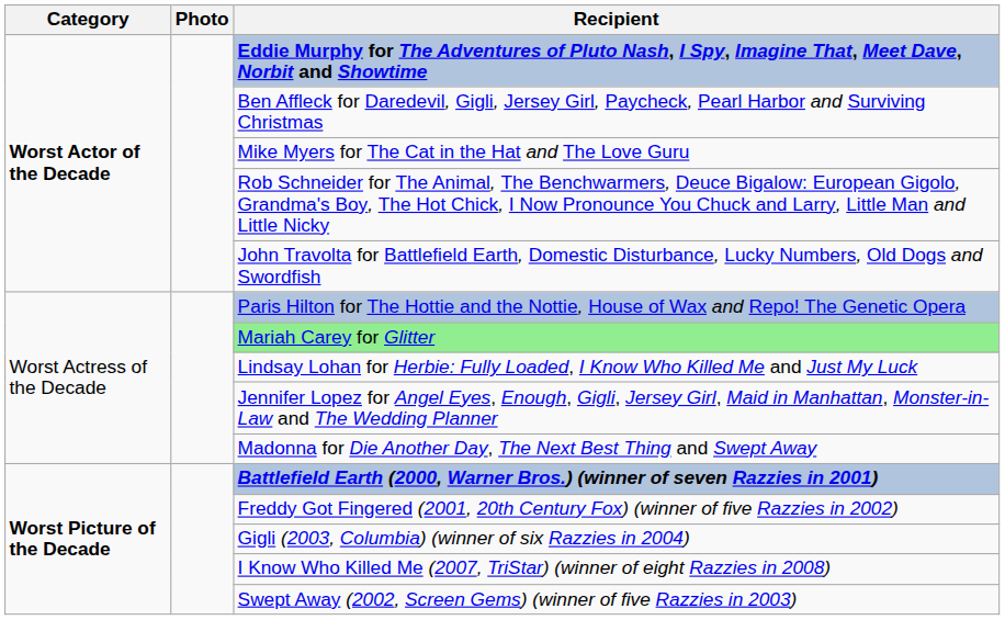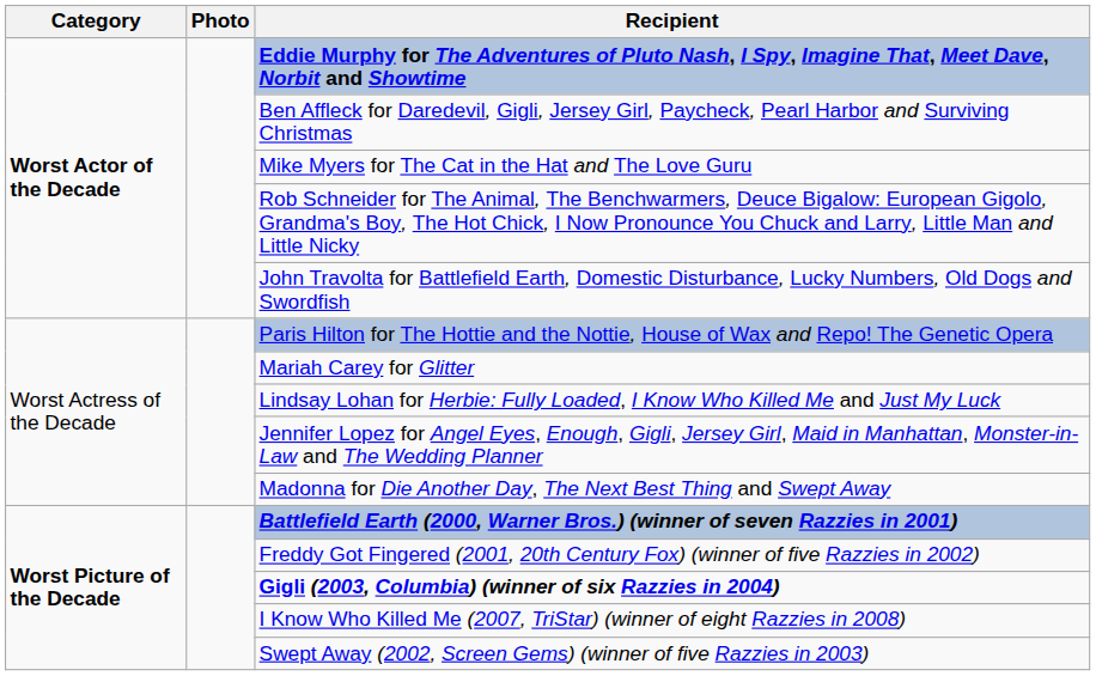 <table class="wikitable" width="95%" align="centre">
 <tr>
 <th>Category</th>
 <th>Photo</th>
 <th>Recipient</th>
 </tr>
 <tr>
 <td rowspan=5><strong>Worst Actor of the Decade</strong></td>
 <td rowspan=5></td>
 <td style="background:#B0C4DE"><strong><a href='#'>Eddie Murphy</a> for <em><a href='#'>The Adventures of Pluto Nash</a></em>, <em><a href='#'>I Spy</a></em>, <em><a href='#'>Imagine That</a></em>, <em><a href='#'>Meet Dave</a></em>, <em><a href='#'>Norbit</a></em> and <em><a href='#'>Showtime</a><strong><em></td>
 </tr>
 <tr>
 <td><a href='#'>Ben Affleck</a> for </em><a href='#'>Daredevil</a><em>, </em><a href='#'>Gigli</a><em>, </em><a href='#'>Jersey Girl</a><em>, </em><a href='#'>Paycheck</a><em>, </em><a href='#'>Pearl Harbor</a><em> and </em><a href='#'>Surviving Christmas</a><em></td>
 </tr>
 <tr>
 <td><a href='#'>Mike Myers</a> for </em><a href='#'>The Cat in the Hat</a><em> and </em><a href='#'>The Love Guru</a><em></td>
 </tr>
 <tr>
 <td><a href='#'>Rob Schneider</a> for </em><a href='#'>The Animal</a><em>, </em><a href='#'>The Benchwarmers</a><em>, </em><a href='#'>Deuce Bigalow: European Gigolo</a><em>, </em><a href='#'>Grandma's Boy</a><em>, </em><a href='#'>The Hot Chick</a><em>, </em><a href='#'>I Now Pronounce You Chuck and Larry</a><em>, </em><a href='#'>Little Man</a><em> and </em><a href='#'>Little Nicky</a><em></td>
 </tr>
 <tr>
 <td><a href='#'>John Travolta</a> for </em><a href='#'>Battlefield Earth</a><em>, </em><a href='#'>Domestic Disturbance</a><em>, </em><a href='#'>Lucky Numbers</a><em>, </em><a href='#'>Old Dogs</a><em> and </em><a href='#'>Swordfish</a><em></td>
 </tr>
 <tr>
 <td rowspan=5></strong>Worst Actress of the Decade<strong></td>
 <td rowspan=5></td>
 <td style="background:#B0C4DE"></strong><a href='#'>Paris Hilton</a> for </em><a href='#'>The Hottie and the Nottie</a><em>, </em><a href='#'>House of Wax</a><em> and </em><a href='#'>Repo! The Genetic Opera</a></em></strong></td>
 </tr>
 <tr>
-<td style="background: lightgreen;"><a href='#'>Mariah Carey</a> for <em><a href='#'>Glitter</a></em></td>
+<td><a href='#'>Mariah Carey</a> for <em><a href='#'>Glitter</a></em></td>
 </tr>
 <tr>
 <td><a href='#'>Lindsay Lohan</a> for <em><a href='#'>Herbie: Fully Loaded</a></em>, <em><a href='#'>I Know Who Killed Me</a></em> and <em><a href='#'>Just My Luck</a></em></td>
 </tr>
 <tr>
 <td><a href='#'>Jennifer Lopez</a> for <em><a href='#'>Angel Eyes</a></em>, <em><a href='#'>Enough</a></em>, <em><a href='#'>Gigli</a></em>, <em><a href='#'>Jersey Girl</a></em>, <em><a href='#'>Maid in Manhattan</a></em>, <em><a href='#'>Monster-in-Law</a></em> and <em><a href='#'>The Wedding Planner</a></em></td>
 </tr>
 <tr>
 <td><a href='#'>Madonna</a> for <em><a href='#'>Die Another Day</a></em>, <em><a href='#'>The Next Best Thing</a></em> and <em><a href='#'>Swept Away</a></em></td>
 </tr>
 <tr>
 <td rowspan=5><strong>Worst Picture of the Decade</strong></td>
 <td rowspan=5></td>
 <td style="background:#B0C4DE"><strong><em><a href='#'>Battlefield Earth</a><em> (<a href='#'>2000</a>, <a href='#'>Warner Bros.</a>) (winner of seven <a href='#'>Razzies in 2001</a>)<strong></td>
 </tr>
 <tr>
 <td></em><a href='#'>Freddy Got Fingered</a><em> (<a href='#'>2001</a>, <a href='#'>20th Century Fox</a>) (winner of five <a href='#'>Razzies in 2002</a>)</td>
 </tr>
 <tr>
-<td></em><a href='#'>Gigli</a><em> (<a href='#'>2003</a>, <a href='#'>Columbia</a>) (winner of six <a href='#'>Razzies in 2004</a>)</td>
+<td><strong></em><a href='#'>Gigli</a><em> (<a href='#'>2003</a>, <a href='#'>Columbia</a>) (winner of six <a href='#'>Razzies in 2004</a>)</strong></td>
 </tr>
 <tr>
 <td></em><a href='#'>I Know Who Killed Me</a><em> (<a href='#'>2007</a>, <a href='#'>TriStar</a>) (winner of eight <a href='#'>Razzies in 2008</a>)</td>
 </tr>
 <tr>
 <td></em><a href='#'>Swept Away</a><em> (<a href='#'>2002</a>, <a href='#'>Screen Gems</a>) (winner of five <a href='#'>Razzies in 2003</a>)</td>
 </tr>
 </table>
